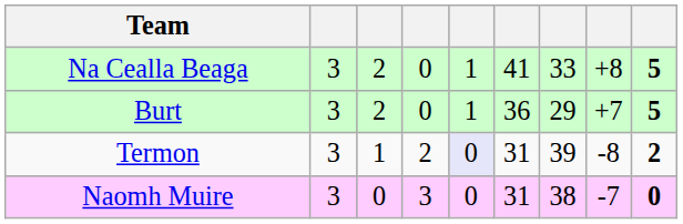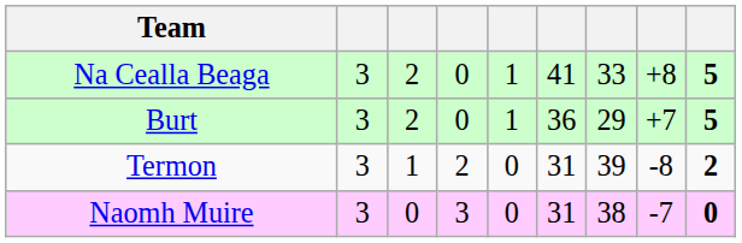 <table class="wikitable" style="text-align:center">
 <tr>
 <th style="width:175px;">Team</th>
 <th width="20"></th>
 <th width="20"></th>
 <th width="20"></th>
 <th width="20"></th>
 <th width="20"></th>
 <th width="20"></th>
 <th width="20"></th>
 <th width="20"></th>
 </tr>
 <tr style="background:#cfc;">
 <td><a href='#'>Na Cealla Beaga</a></td>
 <td>3</td>
 <td>2</td>
 <td>0</td>
 <td>1</td>
 <td>41</td>
 <td>33</td>
 <td>+8</td>
 <td><strong>5</strong></td>
 </tr>
 <tr style="background:#cfc;">
 <td><a href='#'>Burt</a></td>
 <td>3</td>
 <td>2</td>
 <td>0</td>
 <td>1</td>
 <td>36</td>
 <td>29</td>
 <td>+7</td>
 <td><strong>5</strong></td>
 </tr>
 <tr>
 <td><a href='#'>Termon</a></td>
 <td>3</td>
 <td>1</td>
 <td>2</td>
-<td style="background: lavender;">0</td>
+<td>0</td>
 <td>31</td>
 <td>39</td>
 <td>-8</td>
 <td><strong>2</strong></td>
 </tr>
 <tr style="background:#fcf;">
 <td><a href='#'>Naomh Muire</a></td>
 <td>3</td>
 <td>0</td>
 <td>3</td>
 <td>0</td>
 <td>31</td>
 <td>38</td>
 <td>-7</td>
 <td><strong>0</strong></td>
 </tr>
 </table>
